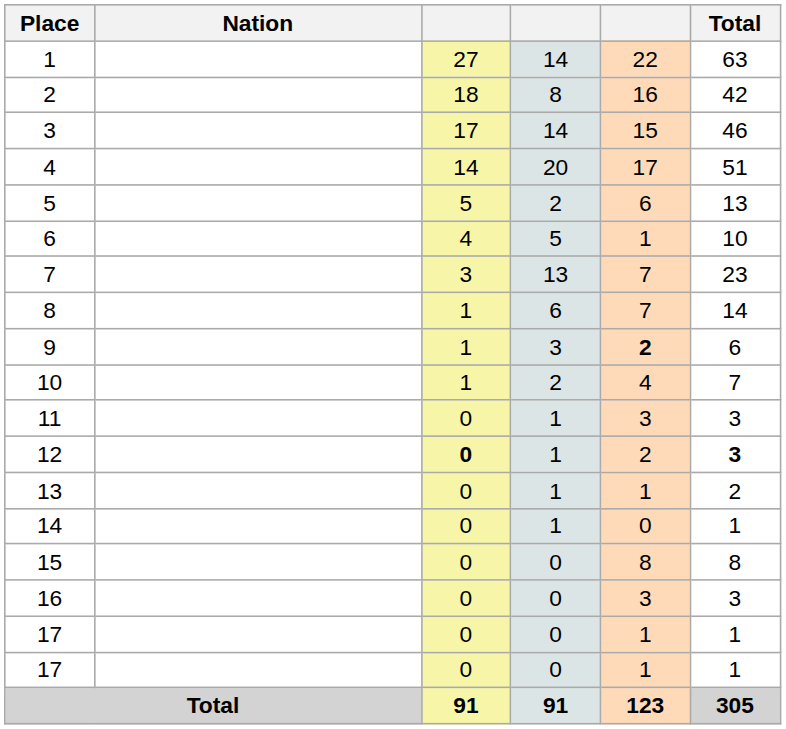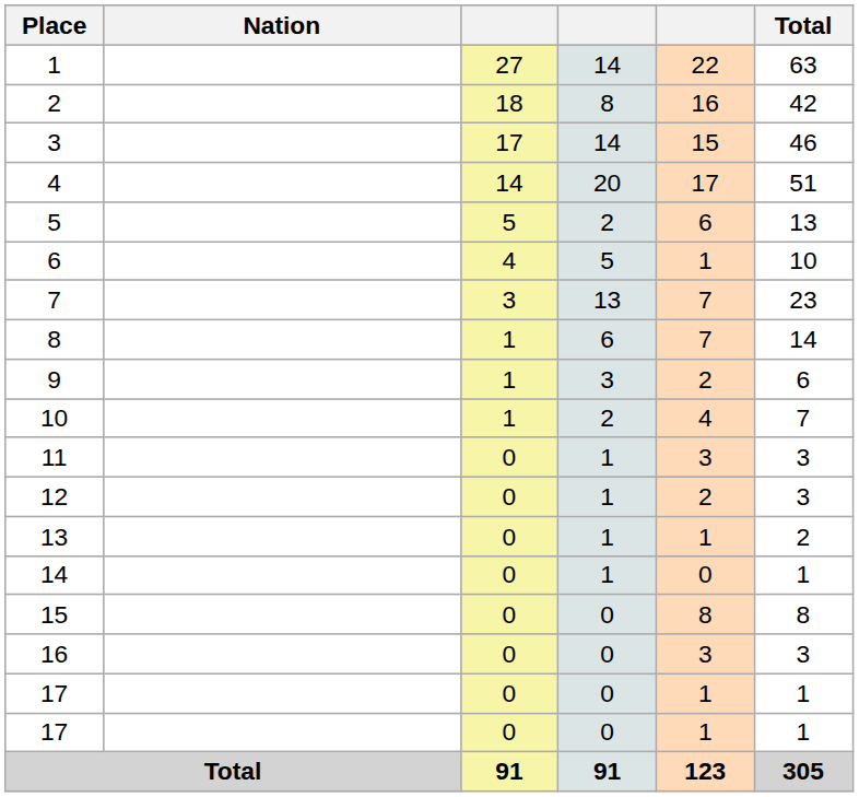 <table class=wikitable style="border:1px solid #AAAAAA;font-size:90%">
 <tr bgcolor="#EFEFEF">
 <th width=50>Place</th>
 <th width=200>Nation</th>
 <th width=50></th>
 <th width=50></th>
 <th width=50></th>
 <th width=50>Total</th>
 </tr>
 <tr align="center" valign="top" bgcolor="#FFFFFF">
 <td>1</td>
 <td align="left"></td>
 <td style="background:#F7F6A8;">27</td>
 <td style="background:#DCE5E5;">14</td>
 <td style="background:#FFDAB9;">22</td>
 <td>63</td>
 </tr>
 <tr align="center" valign="top" bgcolor="#FFFFFF">
 <td>2</td>
 <td align="left"></td>
 <td style="background:#F7F6A8;">18</td>
 <td style="background:#DCE5E5;">8</td>
 <td style="background:#FFDAB9;">16</td>
 <td>42</td>
 </tr>
 <tr align="center" valign="top" bgcolor="#FFFFFF">
 <td>3</td>
 <td align="left"></td>
 <td style="background:#F7F6A8;">17</td>
 <td style="background:#DCE5E5;">14</td>
 <td style="background:#FFDAB9;">15</td>
 <td>46</td>
 </tr>
 <tr align="center" valign="top" bgcolor="#FFFFFF">
 <td>4</td>
 <td align="left"></td>
 <td style="background:#F7F6A8;">14</td>
 <td style="background:#DCE5E5;">20</td>
 <td style="background:#FFDAB9;">17</td>
 <td>51</td>
 </tr>
 <tr align="center" valign="top" bgcolor="#FFFFFF">
 <td>5</td>
 <td align="left"></td>
 <td style="background:#F7F6A8;">5</td>
 <td style="background:#DCE5E5;">2</td>
 <td style="background:#FFDAB9;">6</td>
 <td>13</td>
 </tr>
 <tr align="center" valign="top" bgcolor="#FFFFFF">
 <td>6</td>
 <td align="left"></td>
 <td style="background:#F7F6A8;">4</td>
 <td style="background:#DCE5E5;">5</td>
 <td style="background:#FFDAB9;">1</td>
 <td>10</td>
 </tr>
 <tr align="center" valign="top" bgcolor="#FFFFFF">
 <td>7</td>
 <td align="left"></td>
 <td style="background:#F7F6A8;">3</td>
 <td style="background:#DCE5E5;">13</td>
 <td style="background:#FFDAB9;">7</td>
 <td>23</td>
 </tr>
 <tr align="center" valign="top" bgcolor="#FFFFFF">
 <td>8</td>
 <td align="left"></td>
 <td style="background:#F7F6A8;">1</td>
 <td style="background:#DCE5E5;">6</td>
 <td style="background:#FFDAB9;">7</td>
 <td>14</td>
 </tr>
 <tr align="center" valign="top" bgcolor="#FFFFFF">
 <td>9</td>
 <td align="left"></td>
 <td style="background:#F7F6A8;">1</td>
 <td style="background:#DCE5E5;">3</td>
-<td style="background:#FFDAB9;"><strong>2</strong></td>
+<td style="background:#FFDAB9;">2</td>
 <td>6</td>
 </tr>
 <tr align="center" valign="top" bgcolor="#FFFFFF">
 <td>10</td>
 <td align="left"></td>
 <td style="background:#F7F6A8;">1</td>
 <td style="background:#DCE5E5;">2</td>
 <td style="background:#FFDAB9;">4</td>
 <td>7</td>
 </tr>
 <tr align="center" valign="top" bgcolor="#FFFFFF">
 <td>11</td>
 <td align="left"></td>
 <td style="background:#F7F6A8;">0</td>
 <td style="background:#DCE5E5;">1</td>
 <td style="background:#FFDAB9;">3</td>
 <td>3</td>
 </tr>
 <tr align="center" valign="top" bgcolor="#FFFFFF">
 <td>12</td>
 <td align="left"></td>
-<td style="background:#F7F6A8;"><strong>0</strong></td>
+<td style="background:#F7F6A8;">0</td>
 <td style="background:#DCE5E5;">1</td>
 <td style="background:#FFDAB9;">2</td>
-<td><strong>3</strong></td>
+<td>3</td>
 </tr>
 <tr align="center" valign="top" bgcolor="#FFFFFF">
 <td>13</td>
 <td align="left"></td>
 <td style="background:#F7F6A8;">0</td>
 <td style="background:#DCE5E5;">1</td>
 <td style="background:#FFDAB9;">1</td>
 <td>2</td>
 </tr>
 <tr align="center" valign="top" bgcolor="#FFFFFF">
 <td>14</td>
 <td align="left"></td>
 <td style="background:#F7F6A8;">0</td>
 <td style="background:#DCE5E5;">1</td>
 <td style="background:#FFDAB9;">0</td>
 <td>1</td>
 </tr>
 <tr align="center" valign="top" bgcolor="#FFFFFF">
 <td>15</td>
 <td align="left"></td>
 <td style="background:#F7F6A8;">0</td>
 <td style="background:#DCE5E5;">0</td>
 <td style="background:#FFDAB9;">8</td>
 <td>8</td>
 </tr>
 <tr align="center" valign="top" bgcolor="#FFFFFF">
 <td>16</td>
 <td align="left"></td>
 <td style="background:#F7F6A8;">0</td>
 <td style="background:#DCE5E5;">0</td>
 <td style="background:#FFDAB9;">3</td>
 <td>3</td>
 </tr>
 <tr align="center" valign="top" bgcolor="#FFFFFF">
 <td>17</td>
 <td align="left"></td>
 <td style="background:#F7F6A8;">0</td>
 <td style="background:#DCE5E5;">0</td>
 <td style="background:#FFDAB9;">1</td>
 <td>1</td>
 </tr>
 <tr align="center" valign="top" bgcolor="#FFFFFF">
 <td>17</td>
 <td align="left"></td>
 <td style="background:#F7F6A8;">0</td>
 <td style="background:#DCE5E5;">0</td>
 <td style="background:#FFDAB9;">1</td>
 <td>1</td>
 </tr>
 <tr align="center">
 <td colspan=2 bgcolor=D3D3D3><strong>Total</strong></td>
 <td style="background:#F7F6A8;"><strong>91</strong></td>
 <td style="background:#DCE5E5;"><strong>91</strong></td>
 <td style="background:#FFDAB9;"><strong>123</strong></td>
 <td bgcolor=D3D3D3><strong>305</strong></td>
 </tr>
 </table>
